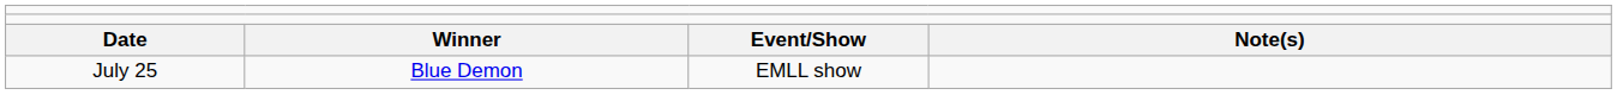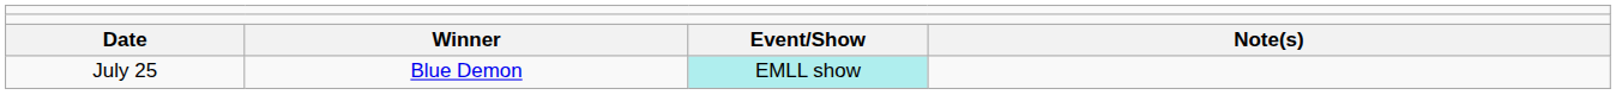 <table class="wikitable" style="text-align:center; width:100%;">
 <tr>
 <td colspan=5></td>
 </tr>
 <tr>
 <td colspan=5><strong></strong></td>
 </tr>
 <tr>
 <th width=14%>Date</th>
 <th width=26%>Winner</th>
 <th width=14%>Event/Show</th>
 <th width=40%>Note(s)</th>
 </tr>
 <tr>
 <td>July 25</td>
 <td><a href='#'>Blue Demon</a></td>
-<td>EMLL show</td>
+<td style="background: paleturquoise;">EMLL show</td>
 <td align=left></td>
 </tr>
 </table>
